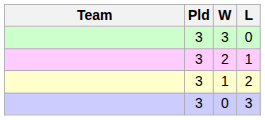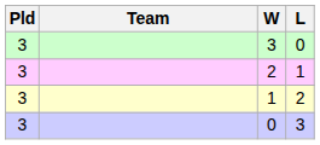 <table class="wikitable" style="text-align:center">
 <tr>
+<th width="20">Pld</th>
 <th width="200">Team</th>
-<th width="20">Pld</th>
 <th width="20">W</th>
 <th width="20">L</th>
 </tr>
 <tr style="background:#cfc">
+<td>3</td>
 <td align="left"></td>
-<td>3</td>
 <td>3</td>
 <td>0</td>
 </tr>
 <tr style="background:#ffccff">
+<td>3</td>
 <td align="left"></td>
-<td>3</td>
 <td>2</td>
 <td>1</td>
 </tr>
 <tr style="background:#ffc">
+<td>3</td>
 <td align="left"></td>
-<td>3</td>
 <td>1</td>
 <td>2</td>
 </tr>
 <tr bgcolor="ccccff">
+<td>3</td>
 <td align="left"></td>
-<td>3</td>
 <td>0</td>
 <td>3</td>
 </tr>
 </table>
